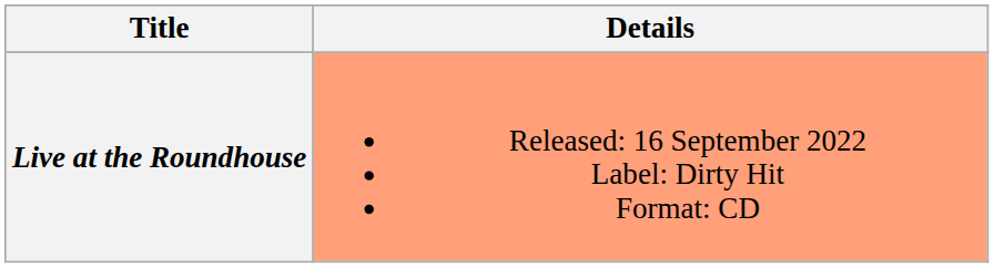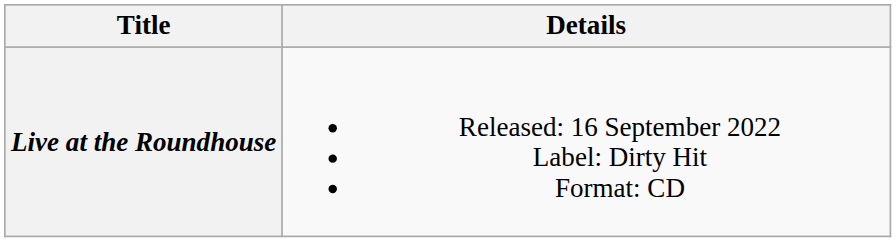 <table class="wikitable plainrowheaders" style="text-align:center">
 <tr>
 <th scope="col">Title</th>
 <th scope="col" style="width:22em;">Details</th>
 </tr>
 <tr>
 <th scope="row"><em>Live at the Roundhouse</em></th>
-<td style="background: lightsalmon;"><br><ul><li>Released: 16 September 2022</li><li>Label: Dirty Hit</li><li>Format: CD</li></ul></td>
+<td><br><ul><li>Released: 16 September 2022</li><li>Label: Dirty Hit</li><li>Format: CD</li></ul></td>
 </tr>
 </table>
